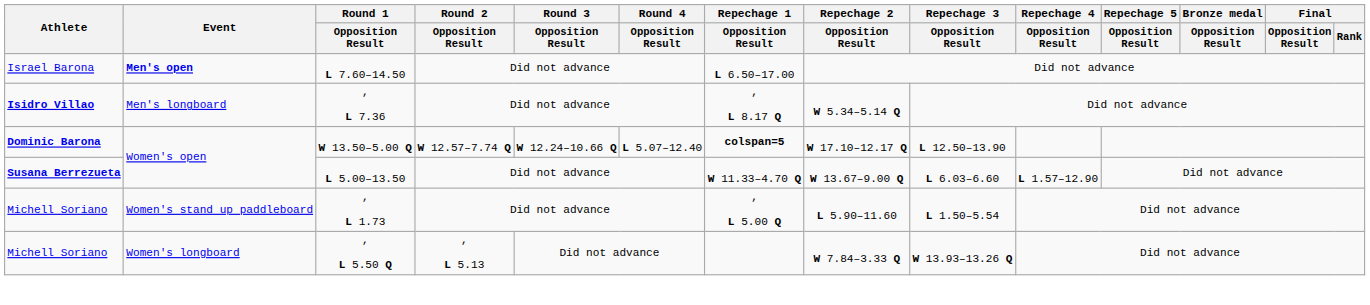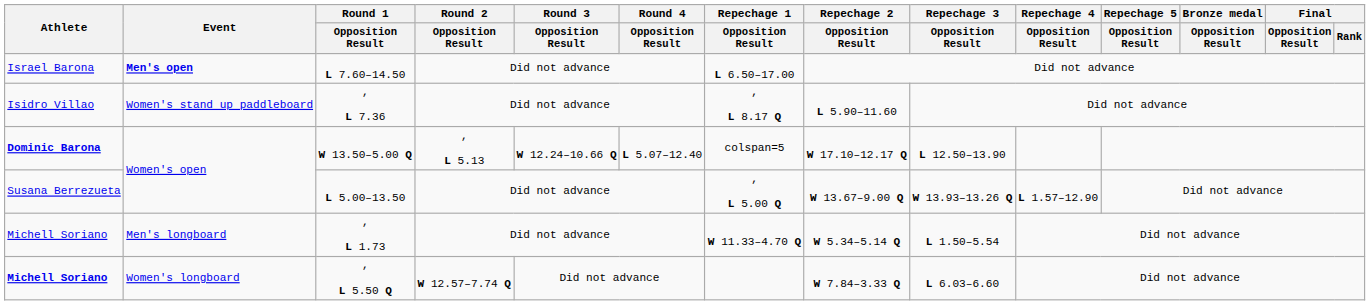 <table class=wikitable style=font-size:75%;text-align:center>
 <tr>
 <th rowspan=2>Athlete</th>
 <th rowspan=2>Event</th>
 <th>Round 1</th>
 <th>Round 2</th>
 <th>Round 3</th>
 <th>Round 4</th>
 <th>Repechage 1</th>
 <th>Repechage 2</th>
 <th>Repechage 3</th>
 <th>Repechage 4</th>
 <th>Repechage 5</th>
 <th>Bronze medal</th>
 <th colspan=2>Final</th>
 </tr>
 <tr style=font-size:95%>
 <th>Opposition<br>Result</th>
 <th>Opposition<br>Result</th>
 <th>Opposition<br>Result</th>
 <th>Opposition<br>Result</th>
 <th>Opposition<br>Result</th>
 <th>Opposition<br>Result</th>
 <th>Opposition<br>Result</th>
 <th>Opposition<br>Result</th>
 <th>Opposition<br>Result</th>
 <th>Opposition<br>Result</th>
 <th>Opposition<br>Result</th>
 <th>Rank</th>
 </tr>
 <tr>
 <td align=left><a href='#'>Israel Barona</a></td>
 <td align=left><strong><a href='#'>Men's open</a></strong></td>
 <td><br><strong>L</strong> 7.60–14.50</td>
 <td colspan=3>Did not advance</td>
 <td><br><strong>L</strong> 6.50–17.00</td>
 <td colspan=7>Did not advance</td>
 </tr>
 <tr>
-<td align=left><strong><a href='#'>Isidro Villao</a></strong></td>
-<td align=left><a href='#'>Men's longboard</a></td>
+<td align=left><a href='#'>Isidro Villao</a></td>
+<td align=left><a href='#'>Women's stand up paddleboard</a></td>
 <td>,<br><br><strong>L</strong> 7.36</td>
 <td colspan=3>Did not advance</td>
 <td>,<br><br><strong>L</strong> 8.17 <strong>Q</strong></td>
-<td><br><strong>W</strong> 5.34–5.14 <strong>Q</strong></td>
+<td><br><strong>L</strong> 5.90–11.60</td>
 <td colspan=6>Did not advance</td>
 </tr>
 <tr>
 <td align=left><strong><a href='#'>Dominic Barona</a></strong></td>
 <td align=left rowspan=2><a href='#'>Women's open</a></td>
 <td><br><strong>W</strong> 13.50–5.00 <strong>Q</strong></td>
-<td><br><strong>W</strong> 12.57–7.74 <strong>Q</strong></td>
+<td>,<br><br><strong>L</strong> 5.13</td>
 <td><br><strong>W</strong> 12.24–10.66 <strong>Q</strong></td>
 <td><br><strong>L</strong> 5.07–12.40</td>
-<td><strong>colspan=5 </strong></td>
+<td>colspan=5 </td>
 <td><br><strong>W</strong> 17.10–12.17 <strong>Q</strong></td>
 <td><br><strong>L</strong> 12.50–13.90</td>
 <td></td>
 </tr>
 <tr>
-<td align=left><strong><a href='#'>Susana Berrezueta</a></strong></td>
+<td align=left><a href='#'>Susana Berrezueta</a></td>
 <td><br><strong>L</strong> 5.00–13.50</td>
 <td colspan=3>Did not advance</td>
-<td><br><strong>W</strong> 11.33–4.70 <strong>Q</strong></td>
+<td>,<br><br><strong>L</strong> 5.00 <strong>Q</strong></td>
 <td><br><strong>W</strong> 13.67–9.00 <strong>Q</strong></td>
-<td><br><strong>L</strong> 6.03–6.60</td>
+<td><br><strong>W</strong> 13.93–13.26 <strong>Q</strong></td>
 <td><br><strong>L</strong> 1.57–12.90</td>
 <td colspan=4>Did not advance</td>
 </tr>
 <tr>
 <td align=left><a href='#'>Michell Soriano</a></td>
-<td align=left><a href='#'>Women's stand up paddleboard</a></td>
+<td align=left><a href='#'>Men's longboard</a></td>
 <td>,<br><br><strong>L</strong> 1.73</td>
 <td colspan=3>Did not advance</td>
-<td>,<br><br><strong>L</strong> 5.00 <strong>Q</strong></td>
-<td><br><strong>L</strong> 5.90–11.60</td>
+<td><br><strong>W</strong> 11.33–4.70 <strong>Q</strong></td>
+<td><br><strong>W</strong> 5.34–5.14 <strong>Q</strong></td>
 <td><br><strong>L</strong> 1.50–5.54</td>
 <td colspan=5>Did not advance</td>
 </tr>
 <tr>
-<td align=left><a href='#'>Michell Soriano</a></td>
+<td align=left><strong><a href='#'>Michell Soriano</a></strong></td>
 <td align=left><a href='#'>Women's longboard</a></td>
 <td>,<br><br><strong>L</strong> 5.50 <strong>Q</strong></td>
-<td>,<br><br><strong>L</strong> 5.13</td>
+<td><br><strong>W</strong> 12.57–7.74 <strong>Q</strong></td>
 <td colspan=2>Did not advance</td>
 <td></td>
 <td><br><strong>W</strong> 7.84–3.33 <strong>Q</strong></td>
-<td><br><strong>W</strong> 13.93–13.26 <strong>Q</strong></td>
+<td><br><strong>L</strong> 6.03–6.60</td>
 <td colspan=5>Did not advance</td>
 </tr>
 </table>
